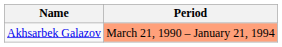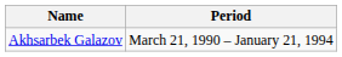 <table class="wikitable">
 <tr>
 <th>Name</th>
 <th>Period</th>
 </tr>
 <tr>
 <td><a href='#'>Akhsarbek Galazov</a></td>
-<td style="background: lightsalmon;">March 21, 1990 – January 21, 1994</td>
+<td>March 21, 1990 – January 21, 1994</td>
 </tr>
 </table>
